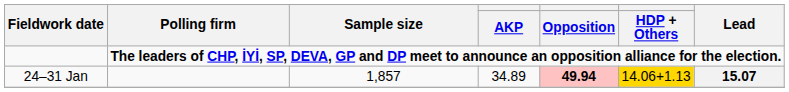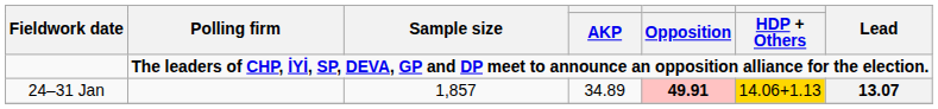 <table class="wikitable mw-datatable mw-collapsible" style="text-align:center; font-size:85%; line-height:14px;">
 <tr>
 <th rowspan="2">Fieldwork date</th>
 <th rowspan="2">Polling firm</th>
 <th rowspan="2">Sample size</th>
 <th style="background:"></th>
 <th style="background:"></th>
 <th style="background:"></th>
 <th rowspan="2">Lead</th>
 </tr>
 <tr>
 <th style="width:4em;"><a href='#'>AKP</a></th>
 <th style="width:4em;"><a href='#'>Opposition</a></th>
 <th style="width:4em;"><a href='#'>HDP</a> + <a href='#'>Others</a></th>
 </tr>
 <tr>
 <td><strong></strong></td>
 <td colspan="12"><strong>The leaders of <a href='#'>CHP</a>, <a href='#'>İYİ</a>, <a href='#'>SP</a>, <a href='#'>DEVA</a>, <a href='#'>GP</a> and <a href='#'>DP</a> meet to announce an opposition alliance for the election.</strong></td>
 </tr>
 <tr>
 <td>24–31 Jan</td>
 <td></td>
 <td>1,857</td>
 <td>34.89</td>
-<td style="background:#FFC2C2"><strong>49.94</strong></td>
+<td style="background:#FFC2C2"><strong>49.91</strong></td>
 <td style="background: gold;">14.06+1.13</td>
-<th style="background:">15.07</th>
+<th style="background:">13.07</th>
 </tr>
 <tr>
 </tr>
 </table>
